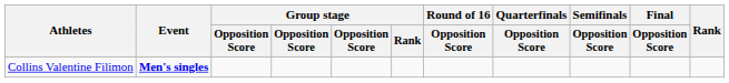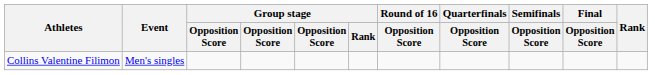 <table class="wikitable" style="font-size:90%">
 <tr>
 <th rowspan="2">Athletes</th>
 <th rowspan="2">Event</th>
 <th colspan="4">Group stage</th>
 <th>Round of 16</th>
 <th>Quarterfinals</th>
 <th>Semifinals</th>
 <th>Final</th>
 <th rowspan="2">Rank</th>
 </tr>
 <tr style="font-size:95%">
 <th>Opposition<br>Score</th>
 <th>Opposition<br>Score</th>
 <th>Opposition<br>Score</th>
 <th>Rank</th>
 <th>Opposition<br>Score</th>
 <th>Opposition<br>Score</th>
 <th>Opposition<br>Score</th>
 <th>Opposition<br>Score</th>
 </tr>
 <tr align="center">
 <td align="left"><a href='#'>Collins Valentine Filimon</a></td>
-<td align="left"><strong><a href='#'>Men's singles</a></strong></td>
+<td align="left"><a href='#'>Men's singles</a></td>
 <td><br></td>
 <td><br></td>
 <td><br></td>
 <td></td>
 <td></td>
 <td></td>
 <td></td>
 <td></td>
 <td></td>
 </tr>
 </table>
